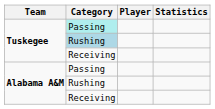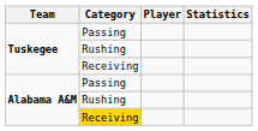 <table class="wikitable" style="float: left;">
 <tr>
 <th>Team</th>
 <th>Category</th>
 <th>Player</th>
 <th>Statistics</th>
 </tr>
 <tr>
 <td rowspan=3><strong>Tuskegee</strong></td>
-<td style="background: paleturquoise;">Passing</td>
+<td>Passing</td>
 <td> </td>
 <td> </td>
 </tr>
 <tr>
-<td style="background: lightblue;">Rushing</td>
+<td>Rushing</td>
 <td> </td>
 <td> </td>
 </tr>
 <tr>
 <td>Receiving</td>
 <td> </td>
 <td> </td>
 </tr>
 <tr>
 <td rowspan=3><strong>Alabama A&M</strong></td>
 <td>Passing</td>
 <td> </td>
 <td> </td>
 </tr>
 <tr>
 <td>Rushing</td>
 <td> </td>
 <td> </td>
 </tr>
 <tr>
-<td>Receiving</td>
+<td style="background: gold;">Receiving</td>
 <td> </td>
 <td> </td>
 </tr>
 </table>
